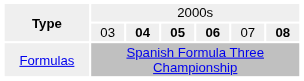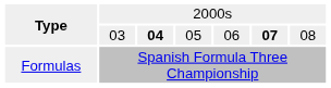 <table style="margin: 0.5em auto; clear: both; font-size:80%;" class="toccolours">
 <tr>
 <td align="center" rowspan=2 width=80 style="background:#EFEFEF;"><strong>Type</strong></td>
 <td align="center" colspan=9 style="background:#EFEFEF;">2000s</td>
 </tr>
 <tr align="center" style="background:#EFEFEF;">
 <td width = 30>03</td>
 <td width = 30><strong>04</strong></td>
-<td width = 30><strong>05</strong></td>
-<td width = 30><strong>06</strong></td>
-<td width = 30>07</td>
-<td width = 30><strong>08</strong></td>
+<td width = 30>05</td>
+<td width = 30>06</td>
+<td width = 30><strong>07</strong></td>
+<td width = 30>08</td>
 </tr>
 <tr align="center">
 <td style="background:#EFEFEF;"><a href='#'>Formulas</a></td>
 <td colspan = 6 style="background:#C0C0C0;"><a href='#'>Spanish Formula Three Championship</a></td>
 </tr>
 </table>
